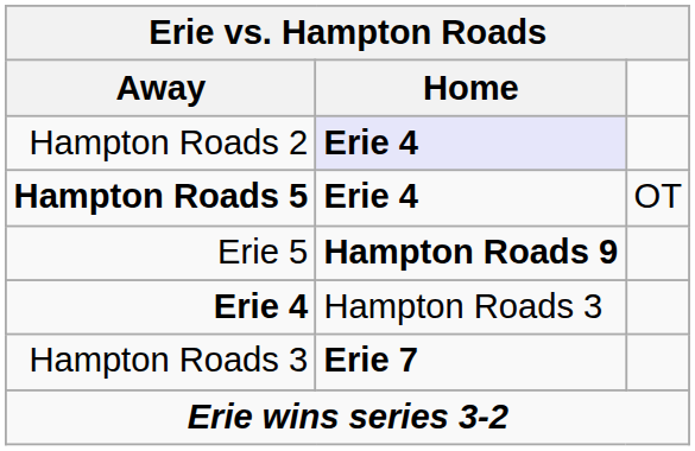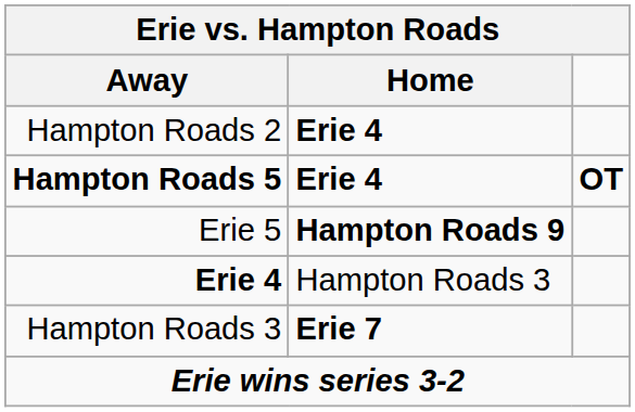 <table class="wikitable">
 <tr>
 <th bgcolor="#DDDDDD" colspan="4">Erie vs. Hampton Roads</th>
 </tr>
 <tr>
 <th>Away</th>
 <th>Home</th>
 </tr>
 <tr>
 <td align="right">Hampton Roads 2</td>
-<td style="background: lavender;"><strong>Erie 4</strong></td>
+<td><strong>Erie 4</strong></td>
 <td></td>
 </tr>
 <tr>
 <td align="right"><strong>Hampton Roads 5</strong></td>
 <td><strong>Erie 4</strong></td>
-<td>OT</td>
+<td><strong>OT</strong></td>
 </tr>
 <tr>
 <td align="right">Erie 5</td>
 <td><strong>Hampton Roads 9</strong></td>
 <td></td>
 </tr>
 <tr>
 <td align="right"><strong>Erie 4</strong></td>
 <td>Hampton Roads 3</td>
 <td></td>
 </tr>
 <tr>
 <td align="right">Hampton Roads 3</td>
 <td><strong>Erie 7</strong></td>
 <td></td>
 </tr>
 <tr align="center">
 <td colspan="4"><strong><em>Erie wins series 3-2</em></strong></td>
 </tr>
 </table>
